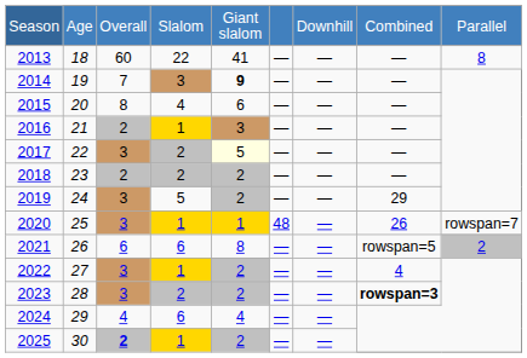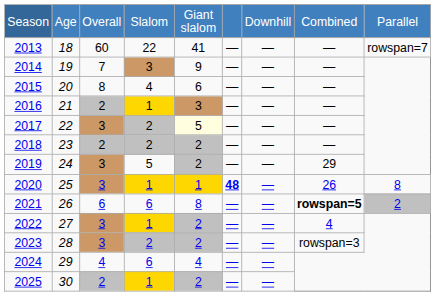 <table class="wikitable" style="font-size:95%; text-align:center; border:grey solid 1px; border-collapse:collapse;" width="40%">
 <tr style="background-color:#369; color:white;">
 <td rowspan="2" colspan="1" width="5%">Season</td>
 </tr>
 <tr style="background-color:#4180be; color:white;">
 <td width="3%">Age</td>
 <td width="5%">Overall</td>
 <td width="5%"> Slalom </td>
 <td width="5%">Giant<br> slalom </td>
 <td width="5%"></td>
 <td width="5%">Downhill</td>
 <td width="5%">Combined</td>
 <td width="5%">Parallel</td>
 </tr>
 <tr style="background-color:#8CB2D8; color:white;">
 </tr>
 <tr>
 <td><a href='#'>2013</a></td>
 <td><em>18</em></td>
 <td>60</td>
 <td>22</td>
 <td>41</td>
 <td>—</td>
 <td>—</td>
 <td>—</td>
-<td><a href='#'>8</a></td>
+<td>rowspan=7 </td>
 </tr>
 <tr>
 <td><a href='#'>2014</a></td>
 <td><em>19</em></td>
 <td>7</td>
 <td bgcolor="cc9966">3</td>
-<td><strong>9</strong></td>
+<td>9</td>
 <td>—</td>
 <td>—</td>
 <td>—</td>
 </tr>
 <tr>
 <td><a href='#'>2015</a></td>
 <td><em>20</em></td>
 <td>8</td>
 <td>4</td>
 <td>6</td>
 <td>—</td>
 <td>—</td>
 <td>—</td>
 </tr>
 <tr>
 <td><a href='#'>2016</a></td>
 <td><em>21</em></td>
 <td bgcolor="silver">2</td>
 <td bgcolor="gold">1</td>
 <td bgcolor="cc9966">3</td>
 <td>—</td>
 <td>—</td>
 <td>—</td>
 </tr>
 <tr>
 <td><a href='#'>2017</a></td>
 <td><em>22</em></td>
 <td bgcolor="cc9966">3</td>
 <td bgcolor="silver">2</td>
 <td style="background: lightyellow;">5</td>
 <td>—</td>
 <td>—</td>
 <td>—</td>
 </tr>
 <tr>
 <td><a href='#'>2018</a></td>
 <td><em>23</em></td>
 <td bgcolor="silver">2</td>
 <td bgcolor="silver">2</td>
 <td bgcolor="silver">2</td>
 <td>—</td>
 <td>—</td>
 <td>—</td>
 </tr>
 <tr>
 <td><a href='#'>2019</a></td>
 <td><em>24</em></td>
 <td bgcolor="cc9966">3</td>
 <td>5</td>
 <td bgcolor="silver">2</td>
 <td>—</td>
 <td>—</td>
 <td>29</td>
 </tr>
 <tr>
 <td><a href='#'>2020</a></td>
 <td><em>25</em></td>
 <td bgcolor="cc9966"><a href='#'>3</a></td>
 <td bgcolor="gold"><a href='#'>1</a></td>
 <td bgcolor="gold"><a href='#'>1</a></td>
-<td><a href='#'>48</a></td>
+<td><strong><a href='#'>48</a></strong></td>
 <td><a href='#'>—</a></td>
 <td><a href='#'>26</a></td>
-<td>rowspan=7 </td>
+<td><a href='#'>8</a></td>
 </tr>
 <tr>
 <td><a href='#'>2021</a></td>
 <td><em>26</em></td>
 <td><a href='#'>6</a></td>
 <td><a href='#'>6</a></td>
 <td><a href='#'>8</a></td>
 <td><a href='#'>—</a></td>
 <td><a href='#'>—</a></td>
-<td>rowspan=5 </td>
+<td><strong>rowspan=5 </strong></td>
 <td bgcolor="silver"><a href='#'>2</a></td>
 </tr>
 <tr>
 <td><a href='#'>2022</a></td>
 <td><em>27</em></td>
 <td bgcolor="cc9966"><a href='#'>3</a></td>
 <td bgcolor="gold"><a href='#'>1</a></td>
 <td bgcolor="silver"><a href='#'>2</a></td>
 <td><a href='#'>—</a></td>
 <td><a href='#'>—</a></td>
 <td><a href='#'>4</a></td>
 </tr>
 <tr>
 <td><a href='#'>2023</a></td>
 <td><em>28</em></td>
 <td bgcolor="cc9966"><a href='#'>3</a></td>
 <td bgcolor="silver"><a href='#'>2</a></td>
 <td bgcolor="silver"><a href='#'>2</a></td>
 <td><a href='#'>—</a></td>
 <td><a href='#'>—</a></td>
-<td><strong>rowspan=3 </strong></td>
+<td>rowspan=3 </td>
 </tr>
 <tr>
 <td><a href='#'>2024</a></td>
 <td><em>29</em></td>
 <td><a href='#'>4</a></td>
 <td><a href='#'>6</a></td>
 <td><a href='#'>4</a></td>
 <td><a href='#'>—</a></td>
 <td><a href='#'>—</a></td>
 </tr>
 <tr>
 <td><a href='#'>2025</a></td>
 <td><em>30</em></td>
-<td bgcolor="silver"><strong><a href='#'>2</a></strong></td>
+<td bgcolor="silver"><a href='#'>2</a></td>
 <td bgcolor="gold"><a href='#'>1</a></td>
 <td bgcolor="silver"><a href='#'>2</a></td>
 <td><a href='#'>—</a></td>
 <td><a href='#'>—</a></td>
 </tr>
 </table>
